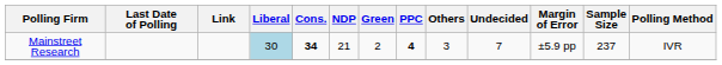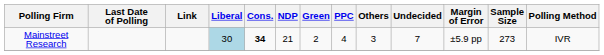 <table class="wikitable sortable" style="text-align:center;font-size:90%;line-height:14px;">
 <tr style="background:#e9e9e9;">
 <th style="width:120px">Polling Firm</th>
 <th style="width:110px">Last Date<br>of Polling</th>
 <th style="width:60px" class="unsortable">Link</th>
 <th style="background-color:"><a href='#'>Liberal</a></th>
 <th style="background-color:"><a href='#'>Cons.</a></th>
 <th style="background-color:"><a href='#'>NDP</a></th>
 <th style="background-color:"><a href='#'>Green</a></th>
 <th style="background-color:"><a href='#'><span>PPC</span></a></th>
 <th style="background-color:">Others</th>
 <th style="background-color:">Undecided</th>
 <th style="width:60px;" class=unsortable>Margin<br>of Error</th>
 <th style="width:50px;" class=unsortable>Sample<br>Size</th>
 <th class=unsortable>Polling Method</th>
 </tr>
 <tr>
 <td><a href='#'>Mainstreet Research</a></td>
 <td></td>
 <td></td>
 <td style="background: lightblue;">30</td>
 <td><strong>34</strong></td>
 <td>21</td>
 <td>2</td>
-<td><strong>4</strong></td>
+<td>4</td>
 <td>3</td>
 <td>7</td>
 <td>±5.9 pp</td>
-<td>237</td>
+<td>273</td>
 <td>IVR</td>
 </tr>
 <tr>
 </tr>
 </table>
